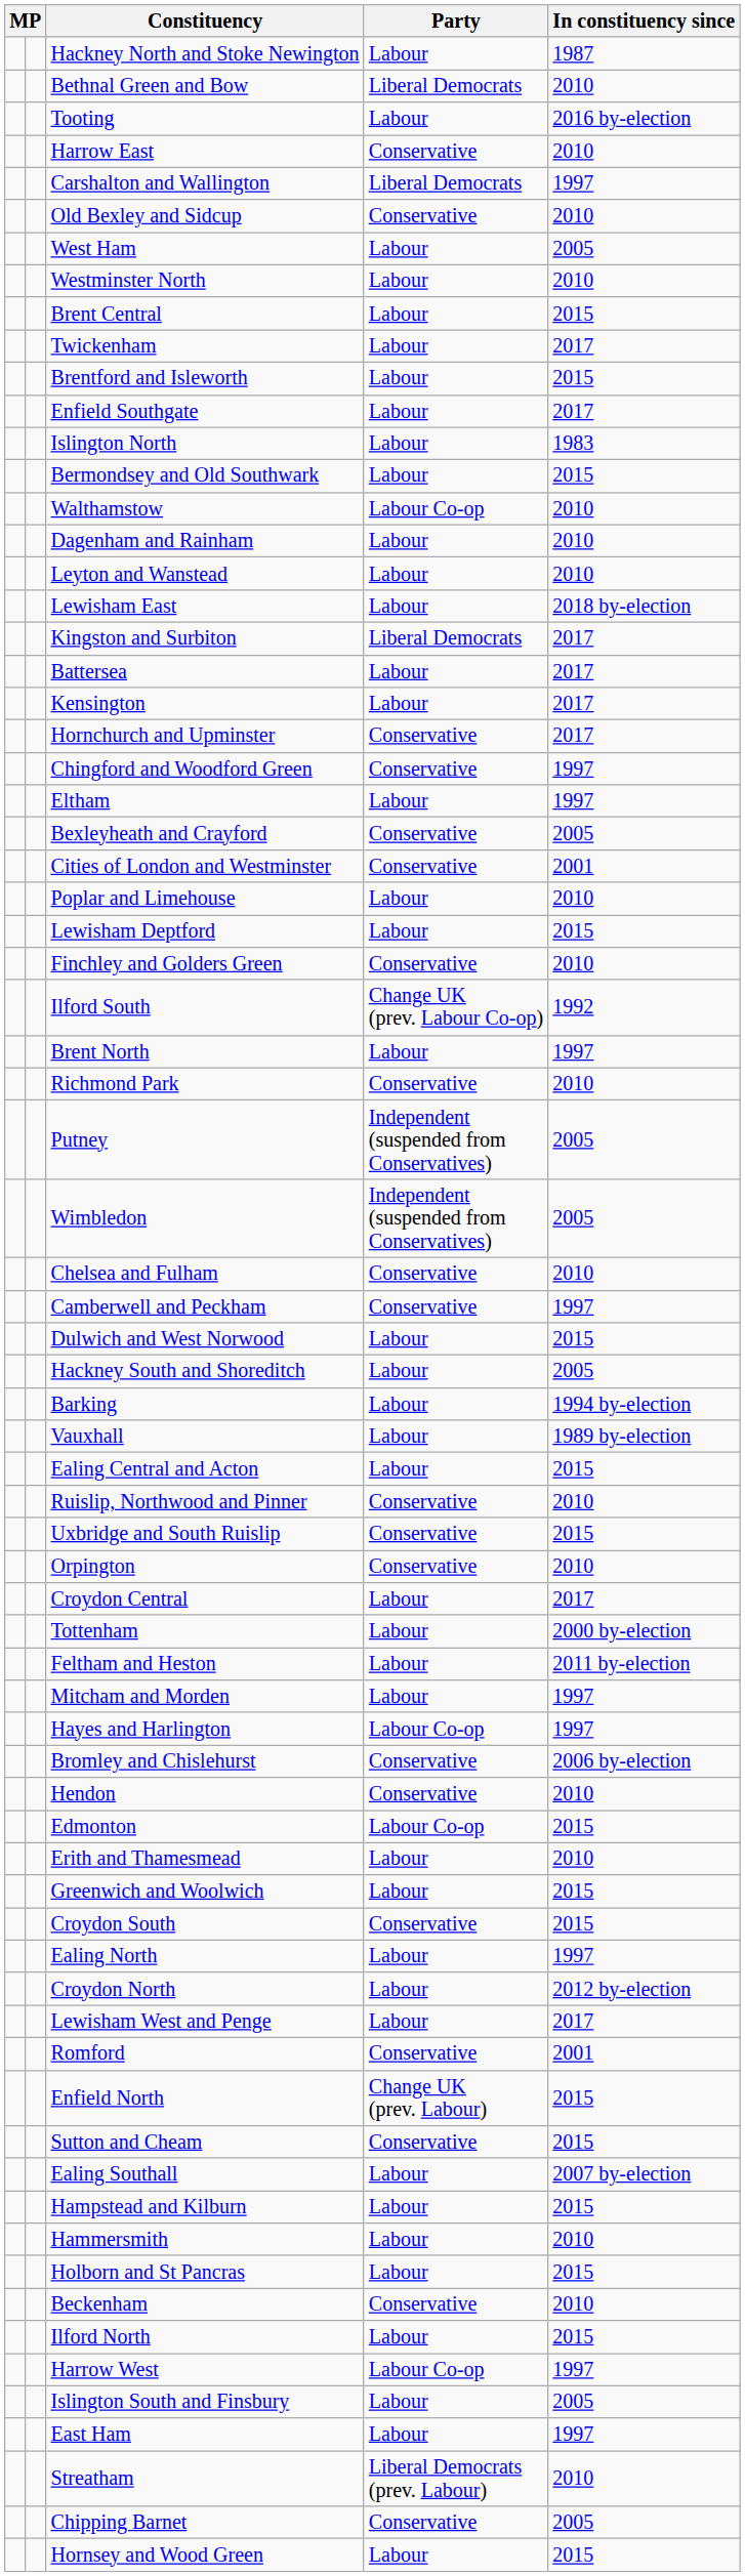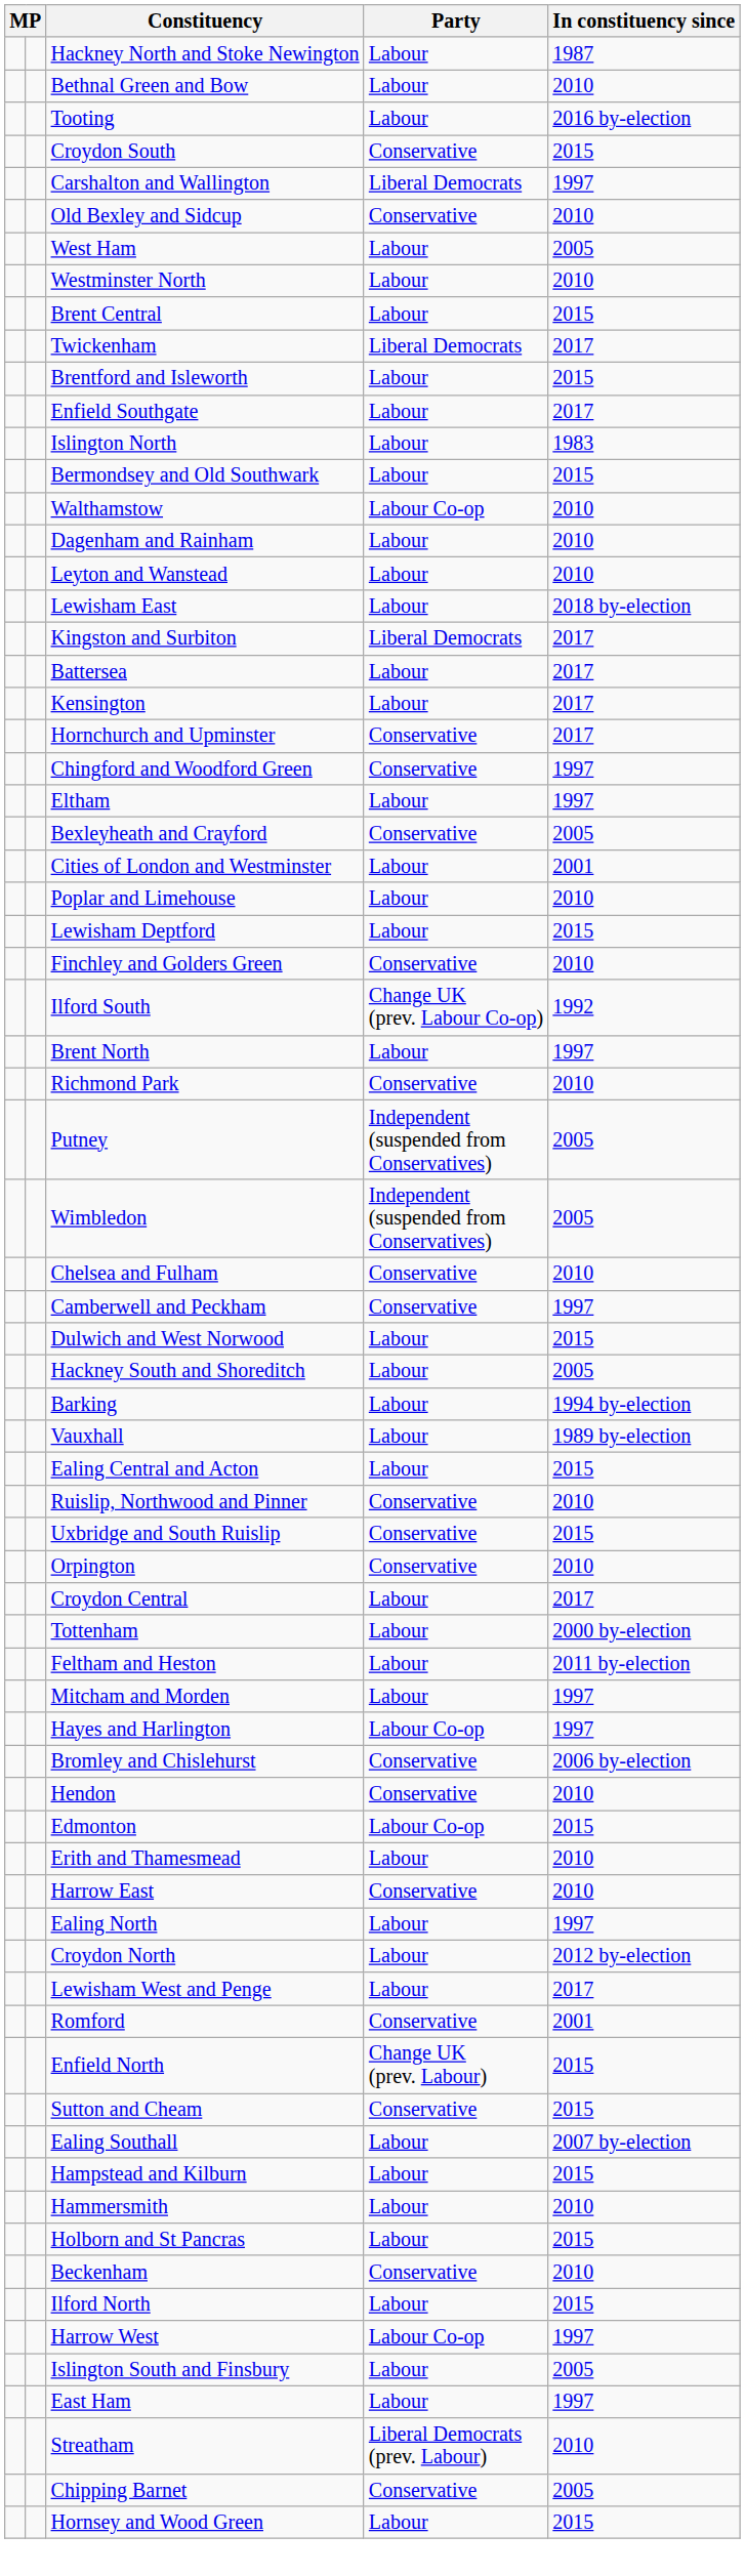 <table class="wikitable sortable">
 <tr>
 <th colspan=2>MP</th>
 <th>Constituency</th>
 <th>Party</th>
 <th>In constituency since</th>
 </tr>
 <tr>
 <td style="background-color: "></td>
 <td></td>
 <td><a href='#'>Hackney North and Stoke Newington</a></td>
 <td><a href='#'>Labour</a></td>
 <td><a href='#'>1987</a></td>
 </tr>
 <tr>
 <td style="background-color: "></td>
 <td></td>
 <td><a href='#'>Bethnal Green and Bow</a></td>
-<td><a href='#'>Liberal Democrats</a></td>
+<td><a href='#'>Labour</a></td>
 <td><a href='#'>2010</a></td>
 </tr>
 <tr>
 <td style="background-color: "></td>
 <td></td>
 <td><a href='#'>Tooting</a></td>
 <td><a href='#'>Labour</a></td>
 <td><a href='#'>2016 by-election</a></td>
 </tr>
 <tr>
 <td style="background-color: "></td>
 <td></td>
-<td><a href='#'>Harrow East</a></td>
+<td><a href='#'>Croydon South</a></td>
 <td><a href='#'>Conservative</a></td>
-<td><a href='#'>2010</a></td>
+<td><a href='#'>2015</a></td>
 </tr>
 <tr>
 <td style="background-color: "></td>
 <td></td>
 <td><a href='#'>Carshalton and Wallington</a></td>
 <td><a href='#'>Liberal Democrats</a></td>
 <td><a href='#'>1997</a></td>
 </tr>
 <tr>
 <td style="background-color: "></td>
 <td></td>
 <td><a href='#'>Old Bexley and Sidcup</a></td>
 <td><a href='#'>Conservative</a></td>
 <td><a href='#'>2010</a></td>
 </tr>
 <tr>
 <td style="background-color: "></td>
 <td></td>
 <td><a href='#'>West Ham</a></td>
 <td><a href='#'>Labour</a></td>
 <td><a href='#'>2005</a></td>
 </tr>
 <tr>
 <td style="background-color: "></td>
 <td></td>
 <td><a href='#'>Westminster North</a></td>
 <td><a href='#'>Labour</a></td>
 <td><a href='#'>2010</a></td>
 </tr>
 <tr>
 <td style="background-color: "></td>
 <td></td>
 <td><a href='#'>Brent Central</a></td>
 <td><a href='#'>Labour</a></td>
 <td><a href='#'>2015</a></td>
 </tr>
 <tr>
 <td style="background-color: "></td>
 <td></td>
 <td><a href='#'>Twickenham</a></td>
-<td><a href='#'>Labour</a></td>
+<td><a href='#'>Liberal Democrats</a></td>
 <td><a href='#'>2017</a></td>
 </tr>
 <tr>
 <td style="background-color: "></td>
 <td></td>
 <td><a href='#'>Brentford and Isleworth</a></td>
 <td><a href='#'>Labour</a></td>
 <td><a href='#'>2015</a></td>
 </tr>
 <tr>
 <td style="background-color: "></td>
 <td></td>
 <td><a href='#'>Enfield Southgate</a></td>
 <td><a href='#'>Labour</a></td>
 <td><a href='#'>2017</a></td>
 </tr>
 <tr>
 <td style="background-color: "></td>
 <td></td>
 <td><a href='#'>Islington North</a></td>
 <td><a href='#'>Labour</a></td>
 <td><a href='#'>1983</a></td>
 </tr>
 <tr>
 <td style="background-color: "></td>
 <td></td>
 <td><a href='#'>Bermondsey and Old Southwark</a></td>
 <td><a href='#'>Labour</a></td>
 <td><a href='#'>2015</a></td>
 </tr>
 <tr>
 <td style="background-color: "></td>
 <td></td>
 <td><a href='#'>Walthamstow</a></td>
 <td><a href='#'>Labour Co-op</a></td>
 <td><a href='#'>2010</a></td>
 </tr>
 <tr>
 <td style="background-color: "></td>
 <td></td>
 <td><a href='#'>Dagenham and Rainham</a></td>
 <td><a href='#'>Labour</a></td>
 <td><a href='#'>2010</a></td>
 </tr>
 <tr>
 <td style="background-color: "></td>
 <td></td>
 <td><a href='#'>Leyton and Wanstead</a></td>
 <td><a href='#'>Labour</a></td>
 <td><a href='#'>2010</a></td>
 </tr>
 <tr>
 <td style="background-color: "></td>
 <td></td>
 <td><a href='#'>Lewisham East</a></td>
 <td><a href='#'>Labour</a></td>
 <td><a href='#'>2018 by-election</a></td>
 </tr>
 <tr>
 <td style="background-color: "></td>
 <td></td>
 <td><a href='#'>Kingston and Surbiton</a></td>
 <td><a href='#'>Liberal Democrats</a></td>
 <td><a href='#'>2017</a></td>
 </tr>
 <tr>
 <td style="background-color: "></td>
 <td></td>
 <td><a href='#'>Battersea</a></td>
 <td><a href='#'>Labour</a></td>
 <td><a href='#'>2017</a></td>
 </tr>
 <tr>
 <td style="background-color: "></td>
 <td></td>
 <td><a href='#'>Kensington</a></td>
 <td><a href='#'>Labour</a></td>
 <td><a href='#'>2017</a></td>
 </tr>
 <tr>
 <td style="background-color: "></td>
 <td></td>
 <td><a href='#'>Hornchurch and Upminster</a></td>
 <td><a href='#'>Conservative</a></td>
 <td><a href='#'>2017</a></td>
 </tr>
 <tr>
 <td style="background-color: "></td>
 <td></td>
 <td><a href='#'>Chingford and Woodford Green</a></td>
 <td><a href='#'>Conservative</a></td>
 <td><a href='#'>1997</a></td>
 </tr>
 <tr>
 <td style="background-color: "></td>
 <td></td>
 <td><a href='#'>Eltham</a></td>
 <td><a href='#'>Labour</a></td>
 <td><a href='#'>1997</a></td>
 </tr>
 <tr>
 <td style="background-color: "></td>
 <td></td>
 <td><a href='#'>Bexleyheath and Crayford</a></td>
 <td><a href='#'>Conservative</a></td>
 <td><a href='#'>2005</a></td>
 </tr>
 <tr>
 <td style="background-color: "></td>
 <td></td>
 <td><a href='#'>Cities of London and Westminster</a></td>
-<td><a href='#'>Conservative</a></td>
+<td><a href='#'>Labour</a></td>
 <td><a href='#'>2001</a></td>
 </tr>
 <tr>
 <td style="background-color: "></td>
 <td></td>
 <td><a href='#'>Poplar and Limehouse</a></td>
 <td><a href='#'>Labour</a></td>
 <td><a href='#'>2010</a></td>
 </tr>
 <tr>
 <td style="background-color: "></td>
 <td></td>
 <td><a href='#'>Lewisham Deptford</a></td>
 <td><a href='#'>Labour</a></td>
 <td><a href='#'>2015</a></td>
 </tr>
 <tr>
 <td style="background-color: "></td>
 <td></td>
 <td><a href='#'>Finchley and Golders Green</a></td>
 <td><a href='#'>Conservative</a></td>
 <td><a href='#'>2010</a></td>
 </tr>
 <tr>
 <td style="background-color: "></td>
 <td></td>
 <td><a href='#'>Ilford South</a></td>
 <td><a href='#'>Change UK</a><br>(prev. <a href='#'>Labour Co-op</a>)</td>
 <td><a href='#'>1992</a></td>
 </tr>
 <tr>
 <td style="background-color: "></td>
 <td></td>
 <td><a href='#'>Brent North</a></td>
 <td><a href='#'>Labour</a></td>
 <td><a href='#'>1997</a></td>
 </tr>
 <tr>
 <td style="background-color: "></td>
 <td></td>
 <td><a href='#'>Richmond Park</a></td>
 <td><a href='#'>Conservative</a></td>
 <td><a href='#'>2010</a></td>
 </tr>
 <tr>
 <td style="background-color: "></td>
 <td></td>
 <td><a href='#'>Putney</a></td>
 <td><a href='#'>Independent</a><br>(suspended from<br><a href='#'>Conservatives</a>)</td>
 <td><a href='#'>2005</a></td>
 </tr>
 <tr>
 <td style="background-color: "></td>
 <td></td>
 <td><a href='#'>Wimbledon</a></td>
 <td><a href='#'>Independent</a><br>(suspended from<br><a href='#'>Conservatives</a>)</td>
 <td><a href='#'>2005</a></td>
 </tr>
 <tr>
 <td style="background-color: "></td>
 <td></td>
 <td><a href='#'>Chelsea and Fulham</a></td>
 <td><a href='#'>Conservative</a></td>
 <td><a href='#'>2010</a></td>
 </tr>
 <tr>
 <td style="background-color: "></td>
 <td></td>
 <td><a href='#'>Camberwell and Peckham</a></td>
 <td><a href='#'>Conservative</a></td>
 <td><a href='#'>1997</a></td>
 </tr>
 <tr>
 <td style="background-color: "></td>
 <td></td>
 <td><a href='#'>Dulwich and West Norwood</a></td>
 <td><a href='#'>Labour</a></td>
 <td><a href='#'>2015</a></td>
 </tr>
 <tr>
 <td style="background-color: "></td>
 <td></td>
 <td><a href='#'>Hackney South and Shoreditch</a></td>
 <td><a href='#'>Labour</a></td>
 <td><a href='#'>2005</a></td>
 </tr>
 <tr>
 <td style="background-color: "></td>
 <td></td>
 <td><a href='#'>Barking</a></td>
 <td><a href='#'>Labour</a></td>
 <td><a href='#'>1994 by-election</a></td>
 </tr>
 <tr>
 <td style="background-color: "></td>
 <td></td>
 <td><a href='#'>Vauxhall</a></td>
 <td><a href='#'>Labour</a></td>
 <td><a href='#'>1989 by-election</a></td>
 </tr>
 <tr>
 <td style="background-color: "></td>
 <td></td>
 <td><a href='#'>Ealing Central and Acton</a></td>
 <td><a href='#'>Labour</a></td>
 <td><a href='#'>2015</a></td>
 </tr>
 <tr>
 <td style="background-color: "></td>
 <td></td>
 <td><a href='#'>Ruislip, Northwood and Pinner</a></td>
 <td><a href='#'>Conservative</a></td>
 <td><a href='#'>2010</a></td>
 </tr>
 <tr>
 <td style="background-color: "></td>
 <td></td>
 <td><a href='#'>Uxbridge and South Ruislip</a></td>
 <td><a href='#'>Conservative</a></td>
 <td><a href='#'>2015</a></td>
 </tr>
 <tr>
 <td style="background-color: "></td>
 <td></td>
 <td><a href='#'>Orpington</a></td>
 <td><a href='#'>Conservative</a></td>
 <td><a href='#'>2010</a></td>
 </tr>
 <tr>
 <td style="background-color: "></td>
 <td></td>
 <td><a href='#'>Croydon Central</a></td>
 <td><a href='#'>Labour</a></td>
 <td><a href='#'>2017</a></td>
 </tr>
 <tr>
 <td style="background-color: "></td>
 <td></td>
 <td><a href='#'>Tottenham</a></td>
 <td><a href='#'>Labour</a></td>
 <td><a href='#'>2000 by-election</a></td>
 </tr>
 <tr>
 <td style="background-color: "></td>
 <td></td>
 <td><a href='#'>Feltham and Heston</a></td>
 <td><a href='#'>Labour</a></td>
 <td><a href='#'>2011 by-election</a></td>
 </tr>
 <tr>
 <td style="background-color: "></td>
 <td></td>
 <td><a href='#'>Mitcham and Morden</a></td>
 <td><a href='#'>Labour</a></td>
 <td><a href='#'>1997</a></td>
 </tr>
 <tr>
 <td style="background-color: "></td>
 <td></td>
 <td><a href='#'>Hayes and Harlington</a></td>
 <td><a href='#'>Labour Co-op</a></td>
 <td><a href='#'>1997</a></td>
 </tr>
 <tr>
 <td style="background-color: "></td>
 <td></td>
 <td><a href='#'>Bromley and Chislehurst</a></td>
 <td><a href='#'>Conservative</a></td>
 <td><a href='#'>2006 by-election</a></td>
 </tr>
 <tr>
 <td style="background-color: "></td>
 <td></td>
 <td><a href='#'>Hendon</a></td>
 <td><a href='#'>Conservative</a></td>
 <td><a href='#'>2010</a></td>
 </tr>
 <tr>
 <td style="background-color: "></td>
 <td></td>
 <td><a href='#'>Edmonton</a></td>
 <td><a href='#'>Labour Co-op</a></td>
 <td><a href='#'>2015</a></td>
 </tr>
 <tr>
 <td style="background-color: "></td>
 <td></td>
 <td><a href='#'>Erith and Thamesmead</a></td>
 <td><a href='#'>Labour</a></td>
 <td><a href='#'>2010</a></td>
 </tr>
 <tr>
 <td style="background-color: "></td>
 <td></td>
-<td><a href='#'>Greenwich and Woolwich</a></td>
-<td><a href='#'>Labour</a></td>
-<td><a href='#'>2015</a></td>
-</tr>
-<tr>
-<td style="background-color: "></td>
-<td></td>
-<td><a href='#'>Croydon South</a></td>
+<td><a href='#'>Harrow East</a></td>
 <td><a href='#'>Conservative</a></td>
-<td><a href='#'>2015</a></td>
+<td><a href='#'>2010</a></td>
 </tr>
 <tr>
 <td style="background-color: "></td>
 <td></td>
 <td><a href='#'>Ealing North</a></td>
 <td><a href='#'>Labour</a></td>
 <td><a href='#'>1997</a></td>
 </tr>
 <tr>
 <td style="background-color: "></td>
 <td></td>
 <td><a href='#'>Croydon North</a></td>
 <td><a href='#'>Labour</a></td>
 <td><a href='#'>2012 by-election</a></td>
 </tr>
 <tr>
 <td style="background-color: "></td>
 <td></td>
 <td><a href='#'>Lewisham West and Penge</a></td>
 <td><a href='#'>Labour</a></td>
 <td><a href='#'>2017</a></td>
 </tr>
 <tr>
 <td style="background-color: "></td>
 <td></td>
 <td><a href='#'>Romford</a></td>
 <td><a href='#'>Conservative</a></td>
 <td><a href='#'>2001</a></td>
 </tr>
 <tr>
 <td style="background-color: "></td>
 <td></td>
 <td><a href='#'>Enfield North</a></td>
 <td><a href='#'>Change UK</a><br>(prev. <a href='#'>Labour</a>)</td>
 <td><a href='#'>2015</a></td>
 </tr>
 <tr>
 <td style="background-color: "></td>
 <td></td>
 <td><a href='#'>Sutton and Cheam</a></td>
 <td><a href='#'>Conservative</a></td>
 <td><a href='#'>2015</a></td>
 </tr>
 <tr>
 <td style="background-color: "></td>
 <td></td>
 <td><a href='#'>Ealing Southall</a></td>
 <td><a href='#'>Labour</a></td>
 <td><a href='#'>2007 by-election</a></td>
 </tr>
 <tr>
 <td style="background-color: "></td>
 <td></td>
 <td><a href='#'>Hampstead and Kilburn</a></td>
 <td><a href='#'>Labour</a></td>
 <td><a href='#'>2015</a></td>
 </tr>
 <tr>
 <td style="background-color: "></td>
 <td></td>
 <td><a href='#'>Hammersmith</a></td>
 <td><a href='#'>Labour</a></td>
 <td><a href='#'>2010</a></td>
 </tr>
 <tr>
 <td style="background-color: "></td>
 <td></td>
 <td><a href='#'>Holborn and St Pancras</a></td>
 <td><a href='#'>Labour</a></td>
 <td><a href='#'>2015</a></td>
 </tr>
 <tr>
 <td style="background-color: "></td>
 <td></td>
 <td><a href='#'>Beckenham</a></td>
 <td><a href='#'>Conservative</a></td>
 <td><a href='#'>2010</a></td>
 </tr>
 <tr>
 <td style="background-color: "></td>
 <td></td>
 <td><a href='#'>Ilford North</a></td>
 <td><a href='#'>Labour</a></td>
 <td><a href='#'>2015</a></td>
 </tr>
 <tr>
 <td style="background-color: "></td>
 <td></td>
 <td><a href='#'>Harrow West</a></td>
 <td><a href='#'>Labour Co-op</a></td>
 <td><a href='#'>1997</a></td>
 </tr>
 <tr>
 <td style="background-color: "></td>
 <td></td>
 <td><a href='#'>Islington South and Finsbury</a></td>
 <td><a href='#'>Labour</a></td>
 <td><a href='#'>2005</a></td>
 </tr>
 <tr>
 <td style="background-color: "></td>
 <td></td>
 <td><a href='#'>East Ham</a></td>
 <td><a href='#'>Labour</a></td>
 <td><a href='#'>1997</a></td>
 </tr>
 <tr>
 <td style="background-color: "></td>
 <td></td>
 <td><a href='#'>Streatham</a></td>
 <td><a href='#'>Liberal Democrats</a><br>(prev. <a href='#'>Labour</a>)</td>
 <td><a href='#'>2010</a></td>
 </tr>
 <tr>
 <td style="background-color: "></td>
 <td></td>
 <td><a href='#'>Chipping Barnet</a></td>
 <td><a href='#'>Conservative</a></td>
 <td><a href='#'>2005</a></td>
 </tr>
 <tr>
 <td style="background-color: "></td>
 <td></td>
 <td><a href='#'>Hornsey and Wood Green</a></td>
 <td><a href='#'>Labour</a></td>
 <td><a href='#'>2015</a></td>
 </tr>
 </table>
